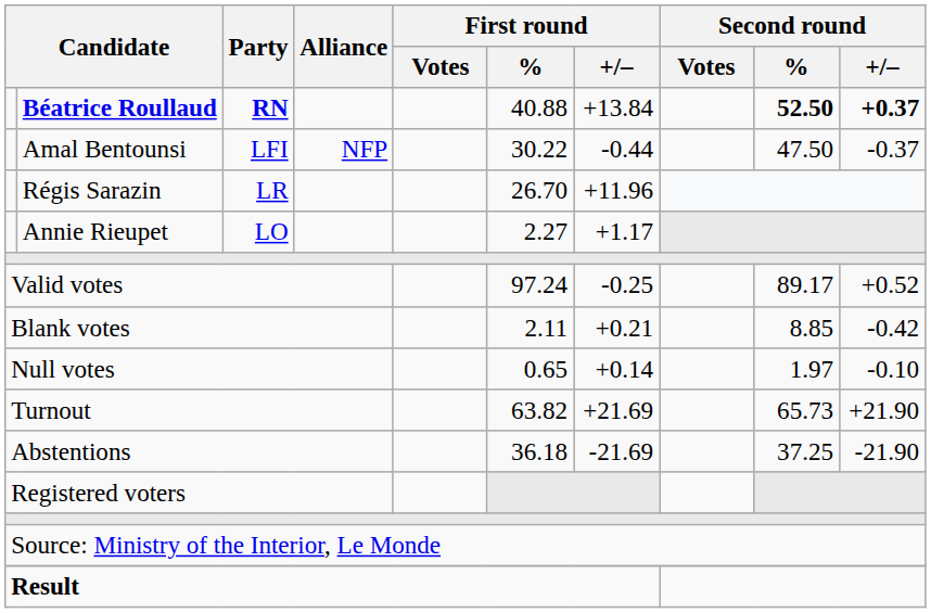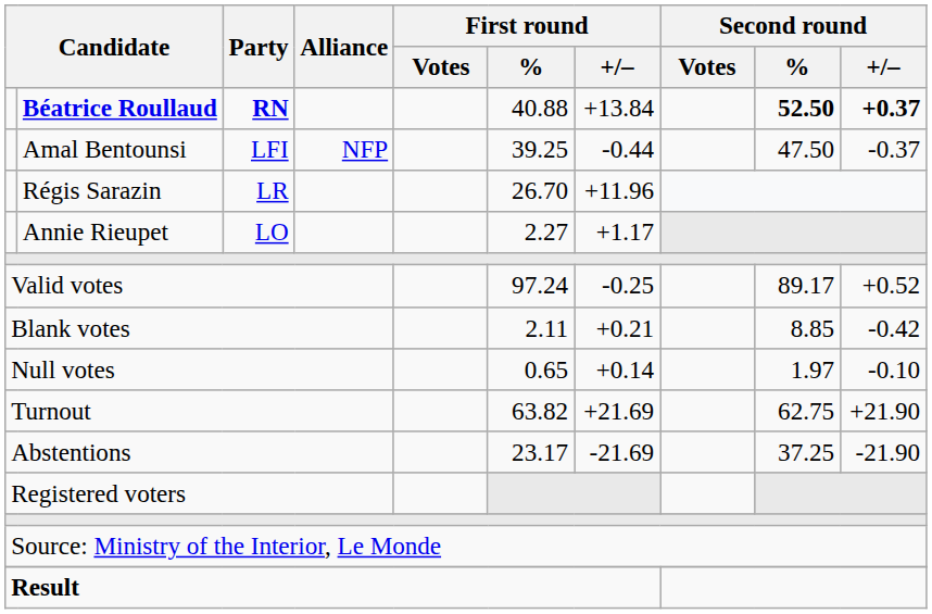 <table class="wikitable" style="text-align:right;font-size:95%;">
 <tr>
 <th rowspan="2" colspan="2">Candidate</th>
 <th rowspan="2">Party</th>
 <th rowspan="2">Alliance</th>
 <th colspan="3">First round</th>
 <th colspan="3">Second round</th>
 </tr>
 <tr>
 <th style="width:50px;">Votes</th>
 <th style="width:45px;">%</th>
 <th style="width:45px;">+/–</th>
 <th style="width:50px;">Votes</th>
 <th style="width:45px;">%</th>
 <th style="width:45px;">+/–</th>
 </tr>
 <tr>
 <td style="color:inherit;background:"></td>
 <td style="text-align:left;"><strong><a href='#'>Béatrice Roullaud</a></strong></td>
 <td><a href='#'><strong>RN</strong></a></td>
 <td></td>
 <td></td>
 <td>40.88</td>
 <td>+13.84</td>
 <td><strong></strong></td>
 <td><strong>52.50</strong></td>
 <td><strong>+0.37</strong></td>
 </tr>
 <tr>
 <td style="color:inherit;background:"></td>
 <td style="text-align:left;">Amal Bentounsi</td>
 <td><a href='#'>LFI</a></td>
 <td><a href='#'>NFP</a></td>
 <td></td>
-<td>30.22</td>
+<td>39.25</td>
 <td>-0.44</td>
 <td></td>
 <td>47.50</td>
 <td>-0.37</td>
 </tr>
 <tr>
 <td style="color:inherit;background:"></td>
 <td style="text-align:left;">Régis Sarazin</td>
 <td><a href='#'>LR</a></td>
 <td></td>
 <td></td>
 <td>26.70</td>
 <td>+11.96</td>
 <td colspan="3" style="background:#F8F9FA;"></td>
 </tr>
 <tr>
 <td style="color:inherit;background:"></td>
 <td style="text-align:left;">Annie Rieupet</td>
 <td><a href='#'>LO</a></td>
 <td></td>
 <td></td>
 <td>2.27</td>
 <td>+1.17</td>
 <td colspan="3" style="background:#E9E9E9;"></td>
 </tr>
 <tr>
 <td colspan="10" style="background:#E9E9E9;"></td>
 </tr>
 <tr>
 <td colspan="4" style="text-align:left;">Valid votes</td>
 <td></td>
 <td>97.24</td>
 <td>-0.25</td>
 <td></td>
 <td>89.17</td>
 <td>+0.52</td>
 </tr>
 <tr>
 <td colspan="4" style="text-align:left;">Blank votes</td>
 <td></td>
 <td>2.11</td>
 <td>+0.21</td>
 <td></td>
 <td>8.85</td>
 <td>-0.42</td>
 </tr>
 <tr>
 <td colspan="4" style="text-align:left;">Null votes</td>
 <td></td>
 <td>0.65</td>
 <td>+0.14</td>
 <td></td>
 <td>1.97</td>
 <td>-0.10</td>
 </tr>
 <tr>
 <td colspan="4" style="text-align:left;">Turnout</td>
 <td></td>
 <td>63.82</td>
 <td>+21.69</td>
 <td></td>
-<td>65.73</td>
+<td>62.75</td>
 <td>+21.90</td>
 </tr>
 <tr>
 <td colspan="4" style="text-align:left;">Abstentions</td>
 <td></td>
-<td>36.18</td>
+<td>23.17</td>
 <td>-21.69</td>
 <td></td>
 <td>37.25</td>
 <td>-21.90</td>
 </tr>
 <tr>
 <td colspan="4" style="text-align:left;">Registered voters</td>
 <td></td>
 <td colspan="2" style="background:#E9E9E9;"></td>
 <td></td>
 <td colspan="2" style="background:#E9E9E9;"></td>
 </tr>
 <tr>
 <td colspan="10" style="background:#E9E9E9;"></td>
 </tr>
 <tr>
 <td colspan="10" style="text-align:left;">Source: <a href='#'>Ministry of the Interior</a>, <a href='#'>Le Monde</a></td>
 </tr>
 <tr>
 </tr>
 <tr style="font-weight:bold">
 <td colspan="7" style="text-align:left;">Result</td>
 <td colspan="7" style="background-color:"></td>
 </tr>
 </table>
